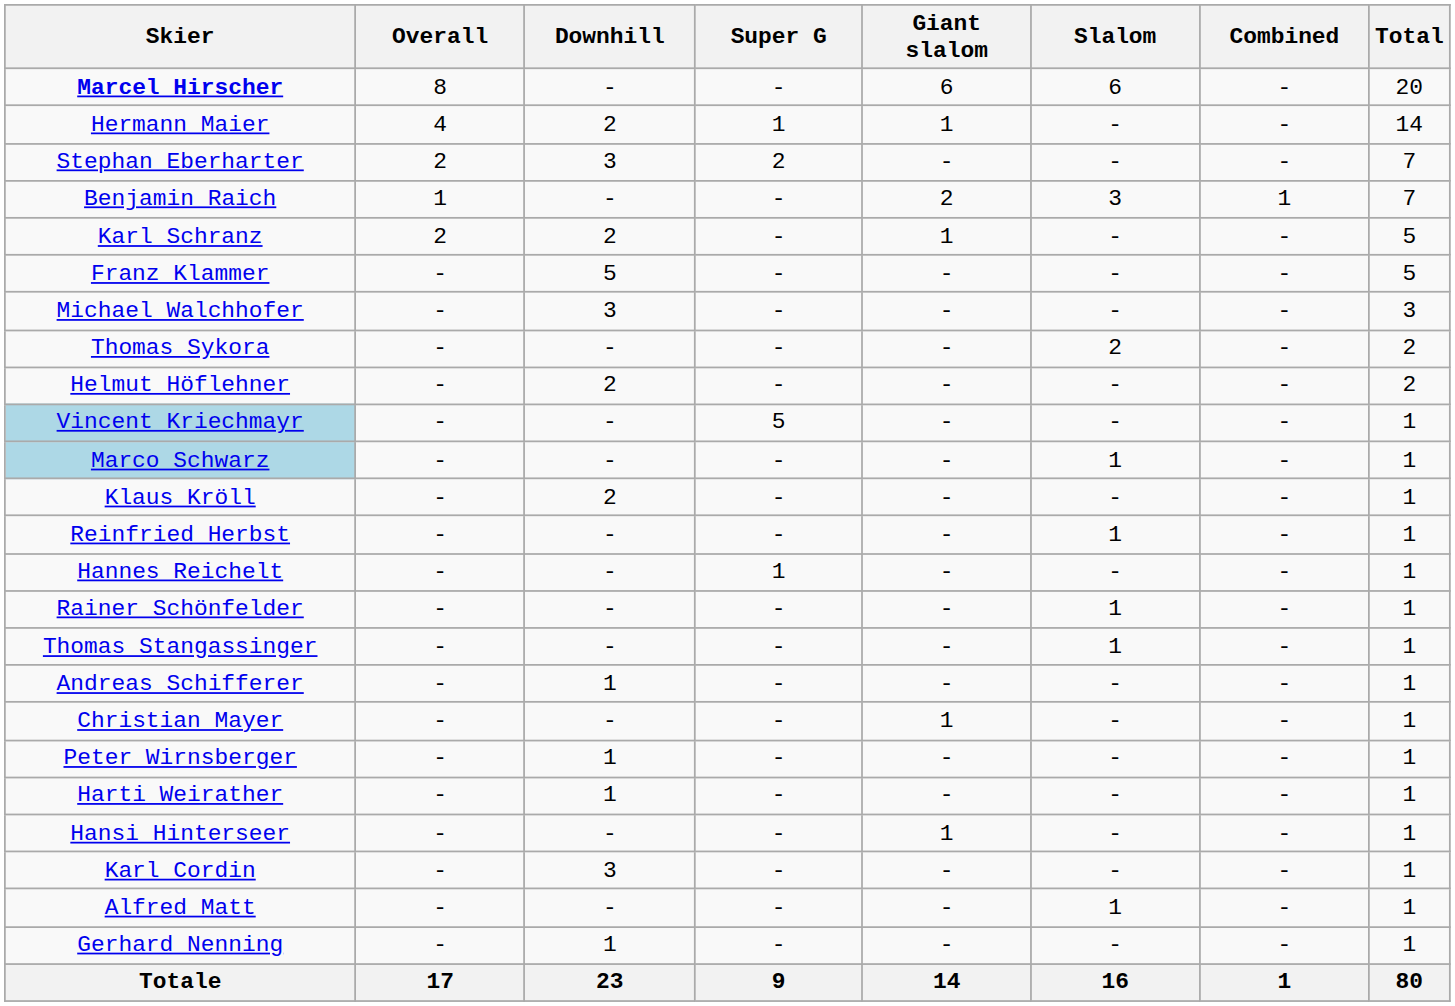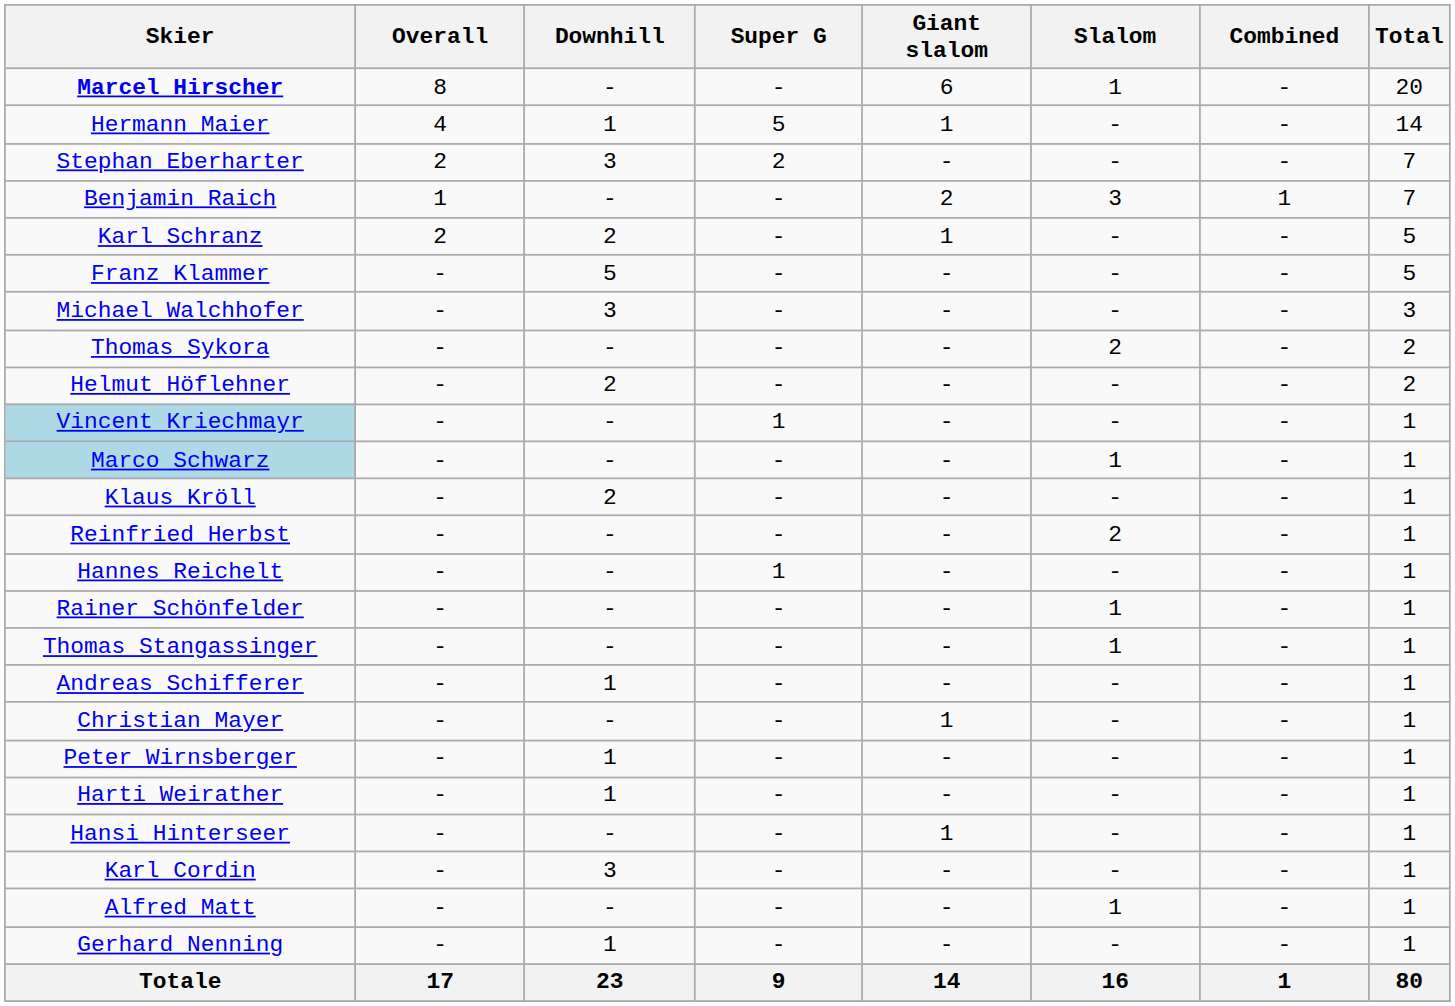 <table class="wikitable" width=65% style="font-size:100%; text-align:center;">
 <tr>
 <th style="width:25%">Skier</th>
 <th style="width:12%">Overall</th>
 <th style="width:12%">Downhill</th>
 <th style="width:12%">Super G</th>
 <th style="width:12%">Giant slalom</th>
 <th style="width:12%">Slalom</th>
 <th style="width:12%">Combined</th>
 <th style="width:12%">Total</th>
 </tr>
 <tr>
 <td><strong><a href='#'>Marcel Hirscher</a></strong></td>
 <td align=center>8</td>
 <td align=center>-</td>
 <td align=center>-</td>
 <td align=center>6</td>
-<td align=center>6</td>
+<td align=center>1</td>
 <td align=center>-</td>
 <td align=center>20</td>
 </tr>
 <tr>
 <td><a href='#'>Hermann Maier</a></td>
 <td align=center>4</td>
-<td align=center>2</td>
 <td align=center>1</td>
+<td align=center>5</td>
 <td align=center>1</td>
 <td align=center>-</td>
 <td align=center>-</td>
 <td align=center>14</td>
 </tr>
 <tr>
 <td><a href='#'>Stephan Eberharter</a></td>
 <td align=center>2</td>
 <td align=center>3</td>
 <td align=center>2</td>
 <td align=center>-</td>
 <td align=center>-</td>
 <td align=center>-</td>
 <td align=center>7</td>
 </tr>
 <tr>
 <td><a href='#'>Benjamin Raich</a></td>
 <td align=center>1</td>
 <td align=center>-</td>
 <td align=center>-</td>
 <td align=center>2</td>
 <td align=center>3</td>
 <td align=center>1</td>
 <td align=center>7</td>
 </tr>
 <tr>
 <td><a href='#'>Karl Schranz</a></td>
 <td align=center>2</td>
 <td align=center>2</td>
 <td align=center>-</td>
 <td align=center>1</td>
 <td align=center>-</td>
 <td align=center>-</td>
 <td align=center>5</td>
 </tr>
 <tr>
 <td><a href='#'>Franz Klammer</a></td>
 <td align=center>-</td>
 <td align=center>5</td>
 <td align=center>-</td>
 <td align=center>-</td>
 <td align=center>-</td>
 <td align=center>-</td>
 <td align=center>5</td>
 </tr>
 <tr>
 <td><a href='#'>Michael Walchhofer</a></td>
 <td align=center>-</td>
 <td align=center>3</td>
 <td align=center>-</td>
 <td align=center>-</td>
 <td align=center>-</td>
 <td align=center>-</td>
 <td align=center>3</td>
 </tr>
 <tr>
 <td><a href='#'>Thomas Sykora</a></td>
 <td align=center>-</td>
 <td align=center>-</td>
 <td align=center>-</td>
 <td align=center>-</td>
 <td align=center>2</td>
 <td align=center>-</td>
 <td align=center>2</td>
 </tr>
 <tr>
 <td><a href='#'>Helmut Höflehner</a></td>
 <td align=center>-</td>
 <td align=center>2</td>
 <td align=center>-</td>
 <td align=center>-</td>
 <td align=center>-</td>
 <td align=center>-</td>
 <td align=center>2</td>
 </tr>
 <tr>
 <td bgcolor=lightblue><a href='#'>Vincent Kriechmayr</a></td>
 <td align=center>-</td>
 <td align=center>-</td>
-<td align=center>5</td>
+<td align=center>1</td>
 <td align=center>-</td>
 <td align=center>-</td>
 <td align=center>-</td>
 <td align=center>1</td>
 </tr>
 <tr>
 <td bgcolor=lightblue><a href='#'>Marco Schwarz</a></td>
 <td align=center>-</td>
 <td align=center>-</td>
 <td align=center>-</td>
 <td align=center>-</td>
 <td align=center>1</td>
 <td align=center>-</td>
 <td align=center>1</td>
 </tr>
 <tr>
 <td><a href='#'>Klaus Kröll</a></td>
 <td align=center>-</td>
 <td align=center>2</td>
 <td align=center>-</td>
 <td align=center>-</td>
 <td align=center>-</td>
 <td align=center>-</td>
 <td align=center>1</td>
 </tr>
 <tr>
 <td><a href='#'>Reinfried Herbst</a></td>
 <td align=center>-</td>
 <td align=center>-</td>
 <td align=center>-</td>
 <td align=center>-</td>
-<td align=center>1</td>
+<td align=center>2</td>
 <td align=center>-</td>
 <td align=center>1</td>
 </tr>
 <tr>
 <td><a href='#'>Hannes Reichelt</a></td>
 <td align=center>-</td>
 <td align=center>-</td>
 <td align=center>1</td>
 <td align=center>-</td>
 <td align=center>-</td>
 <td align=center>-</td>
 <td align=center>1</td>
 </tr>
 <tr>
 <td><a href='#'>Rainer Schönfelder</a></td>
 <td align=center>-</td>
 <td align=center>-</td>
 <td align=center>-</td>
 <td align=center>-</td>
 <td align=center>1</td>
 <td align=center>-</td>
 <td align=center>1</td>
 </tr>
 <tr>
 <td><a href='#'>Thomas Stangassinger</a></td>
 <td align=center>-</td>
 <td align=center>-</td>
 <td align=center>-</td>
 <td align=center>-</td>
 <td align=center>1</td>
 <td align=center>-</td>
 <td align=center>1</td>
 </tr>
 <tr>
 <td><a href='#'>Andreas Schifferer</a></td>
 <td align=center>-</td>
 <td align=center>1</td>
 <td align=center>-</td>
 <td align=center>-</td>
 <td align=center>-</td>
 <td align=center>-</td>
 <td align=center>1</td>
 </tr>
 <tr>
 <td><a href='#'>Christian Mayer</a></td>
 <td align=center>-</td>
 <td align=center>-</td>
 <td align=center>-</td>
 <td align=center>1</td>
 <td align=center>-</td>
 <td align=center>-</td>
 <td align=center>1</td>
 </tr>
 <tr>
 <td><a href='#'>Peter Wirnsberger</a></td>
 <td align=center>-</td>
 <td align=center>1</td>
 <td align=center>-</td>
 <td align=center>-</td>
 <td align=center>-</td>
 <td align=center>-</td>
 <td align=center>1</td>
 </tr>
 <tr>
 <td><a href='#'>Harti Weirather</a></td>
 <td align=center>-</td>
 <td align=center>1</td>
 <td align=center>-</td>
 <td align=center>-</td>
 <td align=center>-</td>
 <td align=center>-</td>
 <td align=center>1</td>
 </tr>
 <tr>
 <td><a href='#'>Hansi Hinterseer</a></td>
 <td align=center>-</td>
 <td align=center>-</td>
 <td align=center>-</td>
 <td align=center>1</td>
 <td align=center>-</td>
 <td align=center>-</td>
 <td align=center>1</td>
 </tr>
 <tr>
 <td><a href='#'>Karl Cordin</a></td>
 <td align=center>-</td>
 <td align=center>3</td>
 <td align=center>-</td>
 <td align=center>-</td>
 <td align=center>-</td>
 <td align=center>-</td>
 <td align=center>1</td>
 </tr>
 <tr>
 <td><a href='#'>Alfred Matt</a></td>
 <td align=center>-</td>
 <td align=center>-</td>
 <td align=center>-</td>
 <td align=center>-</td>
 <td align=center>1</td>
 <td align=center>-</td>
 <td align=center>1</td>
 </tr>
 <tr>
 <td><a href='#'>Gerhard Nenning</a></td>
 <td align=center>-</td>
 <td align=center>1</td>
 <td align=center>-</td>
 <td align=center>-</td>
 <td align=center>-</td>
 <td align=center>-</td>
 <td align=center>1</td>
 </tr>
 <tr>
 <th>Totale</th>
 <th>17</th>
 <th>23</th>
 <th>9</th>
 <th>14</th>
 <th>16</th>
 <th>1</th>
 <th>80</th>
 </tr>
 </table>
